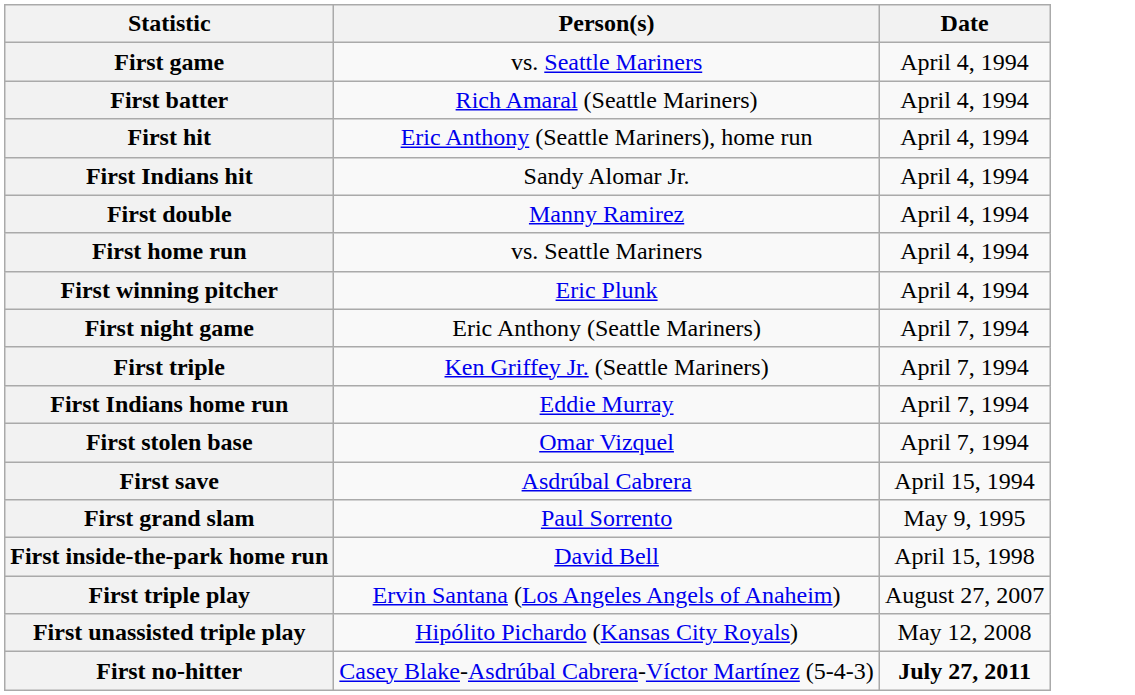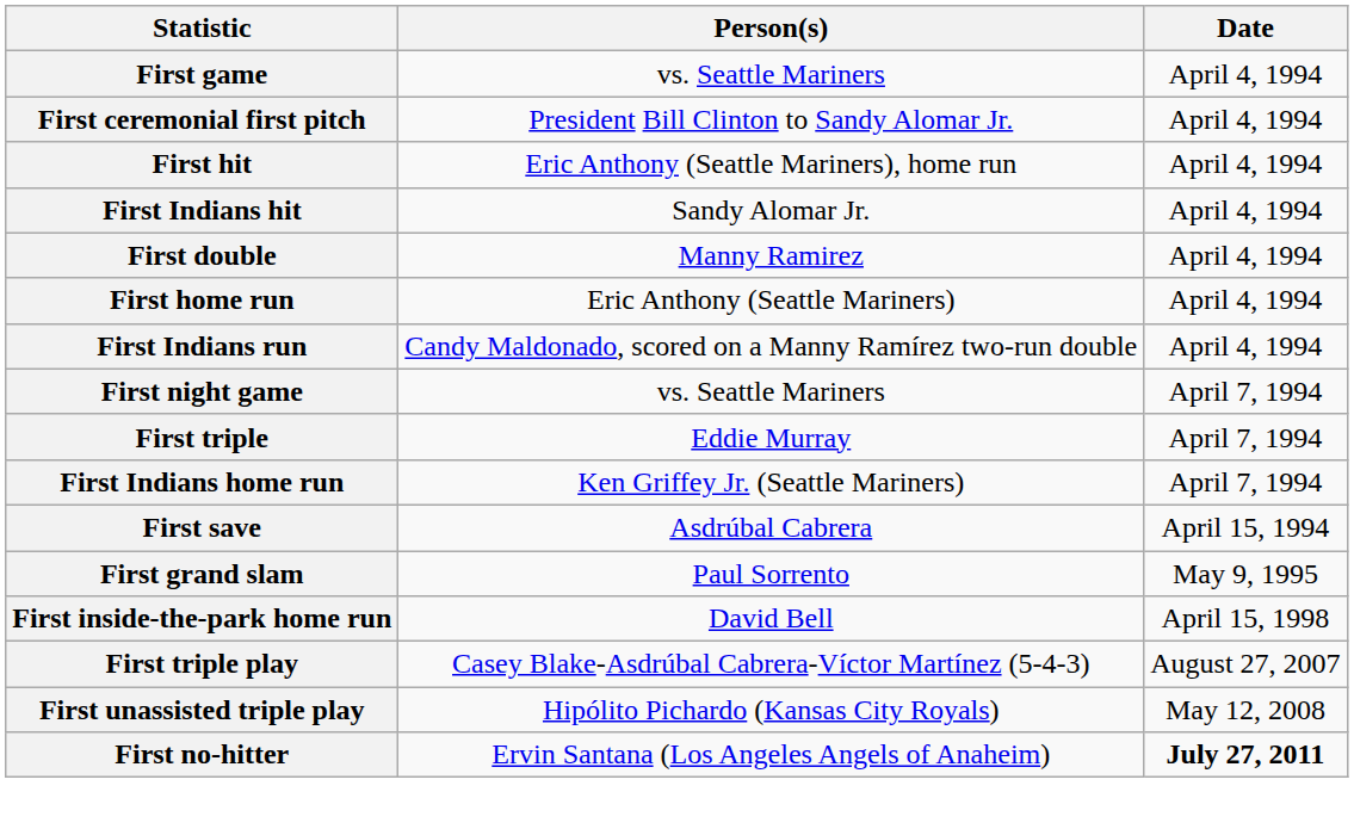 <table class="wikitable" style="text-align:center">
 <tr>
 <th>Statistic</th>
 <th>Person(s)</th>
 <th>Date</th>
 </tr>
 <tr>
 <th>First game</th>
 <td>vs. <a href='#'>Seattle Mariners</a></td>
 <td>April 4, 1994</td>
 </tr>
 <tr>
-<th>First batter</th>
-<td><a href='#'>Rich Amaral</a> (Seattle Mariners)</td>
+<th>First ceremonial first pitch</th>
+<td><a href='#'>President</a> <a href='#'>Bill Clinton</a> to <a href='#'>Sandy Alomar Jr.</a></td>
 <td>April 4, 1994</td>
 </tr>
 <tr>
 <th>First hit</th>
 <td><a href='#'>Eric Anthony</a> (Seattle Mariners), home run</td>
 <td>April 4, 1994</td>
 </tr>
 <tr>
 <th>First Indians hit</th>
 <td>Sandy Alomar Jr.</td>
 <td>April 4, 1994</td>
 </tr>
 <tr>
 <th>First double</th>
 <td><a href='#'>Manny Ramirez</a></td>
 <td>April 4, 1994</td>
 </tr>
 <tr>
 <th>First home run</th>
-<td>vs. Seattle Mariners</td>
+<td>Eric Anthony (Seattle Mariners)</td>
 <td>April 4, 1994</td>
 </tr>
 <tr>
-<th>First winning pitcher</th>
-<td><a href='#'>Eric Plunk</a></td>
+<th>First Indians run</th>
+<td><a href='#'>Candy Maldonado</a>, scored on a Manny Ramírez two-run double</td>
 <td>April 4, 1994</td>
 </tr>
 <tr>
 <th>First night game</th>
-<td>Eric Anthony (Seattle Mariners)</td>
+<td>vs. Seattle Mariners</td>
 <td>April 7, 1994</td>
 </tr>
 <tr>
 <th>First triple</th>
-<td><a href='#'>Ken Griffey Jr.</a> (Seattle Mariners)</td>
+<td><a href='#'>Eddie Murray</a></td>
 <td>April 7, 1994</td>
 </tr>
 <tr>
 <th>First Indians home run</th>
-<td><a href='#'>Eddie Murray</a></td>
-<td>April 7, 1994</td>
-</tr>
-<tr>
-<th>First stolen base</th>
-<td><a href='#'>Omar Vizquel</a></td>
+<td><a href='#'>Ken Griffey Jr.</a> (Seattle Mariners)</td>
 <td>April 7, 1994</td>
 </tr>
 <tr>
 <th>First save</th>
 <td><a href='#'>Asdrúbal Cabrera</a></td>
 <td>April 15, 1994</td>
 </tr>
 <tr>
 <th>First grand slam</th>
 <td><a href='#'>Paul Sorrento</a></td>
 <td>May 9, 1995</td>
 </tr>
 <tr>
 <th>First inside-the-park home run</th>
 <td><a href='#'>David Bell</a></td>
 <td>April 15, 1998</td>
 </tr>
 <tr>
 <th>First triple play</th>
-<td><a href='#'>Ervin Santana</a> (<a href='#'>Los Angeles Angels of Anaheim</a>)</td>
+<td><a href='#'>Casey Blake</a>-<a href='#'>Asdrúbal Cabrera</a>-<a href='#'>Víctor Martínez</a> (5-4-3)</td>
 <td>August 27, 2007</td>
 </tr>
 <tr>
 <th>First unassisted triple play</th>
 <td><a href='#'>Hipólito Pichardo</a> (<a href='#'>Kansas City Royals</a>)</td>
 <td>May 12, 2008</td>
 </tr>
 <tr>
 <th>First no-hitter</th>
-<td><a href='#'>Casey Blake</a>-<a href='#'>Asdrúbal Cabrera</a>-<a href='#'>Víctor Martínez</a> (5-4-3)</td>
+<td><a href='#'>Ervin Santana</a> (<a href='#'>Los Angeles Angels of Anaheim</a>)</td>
 <td><strong>July 27, 2011</strong></td>
 </tr>
 </table>
